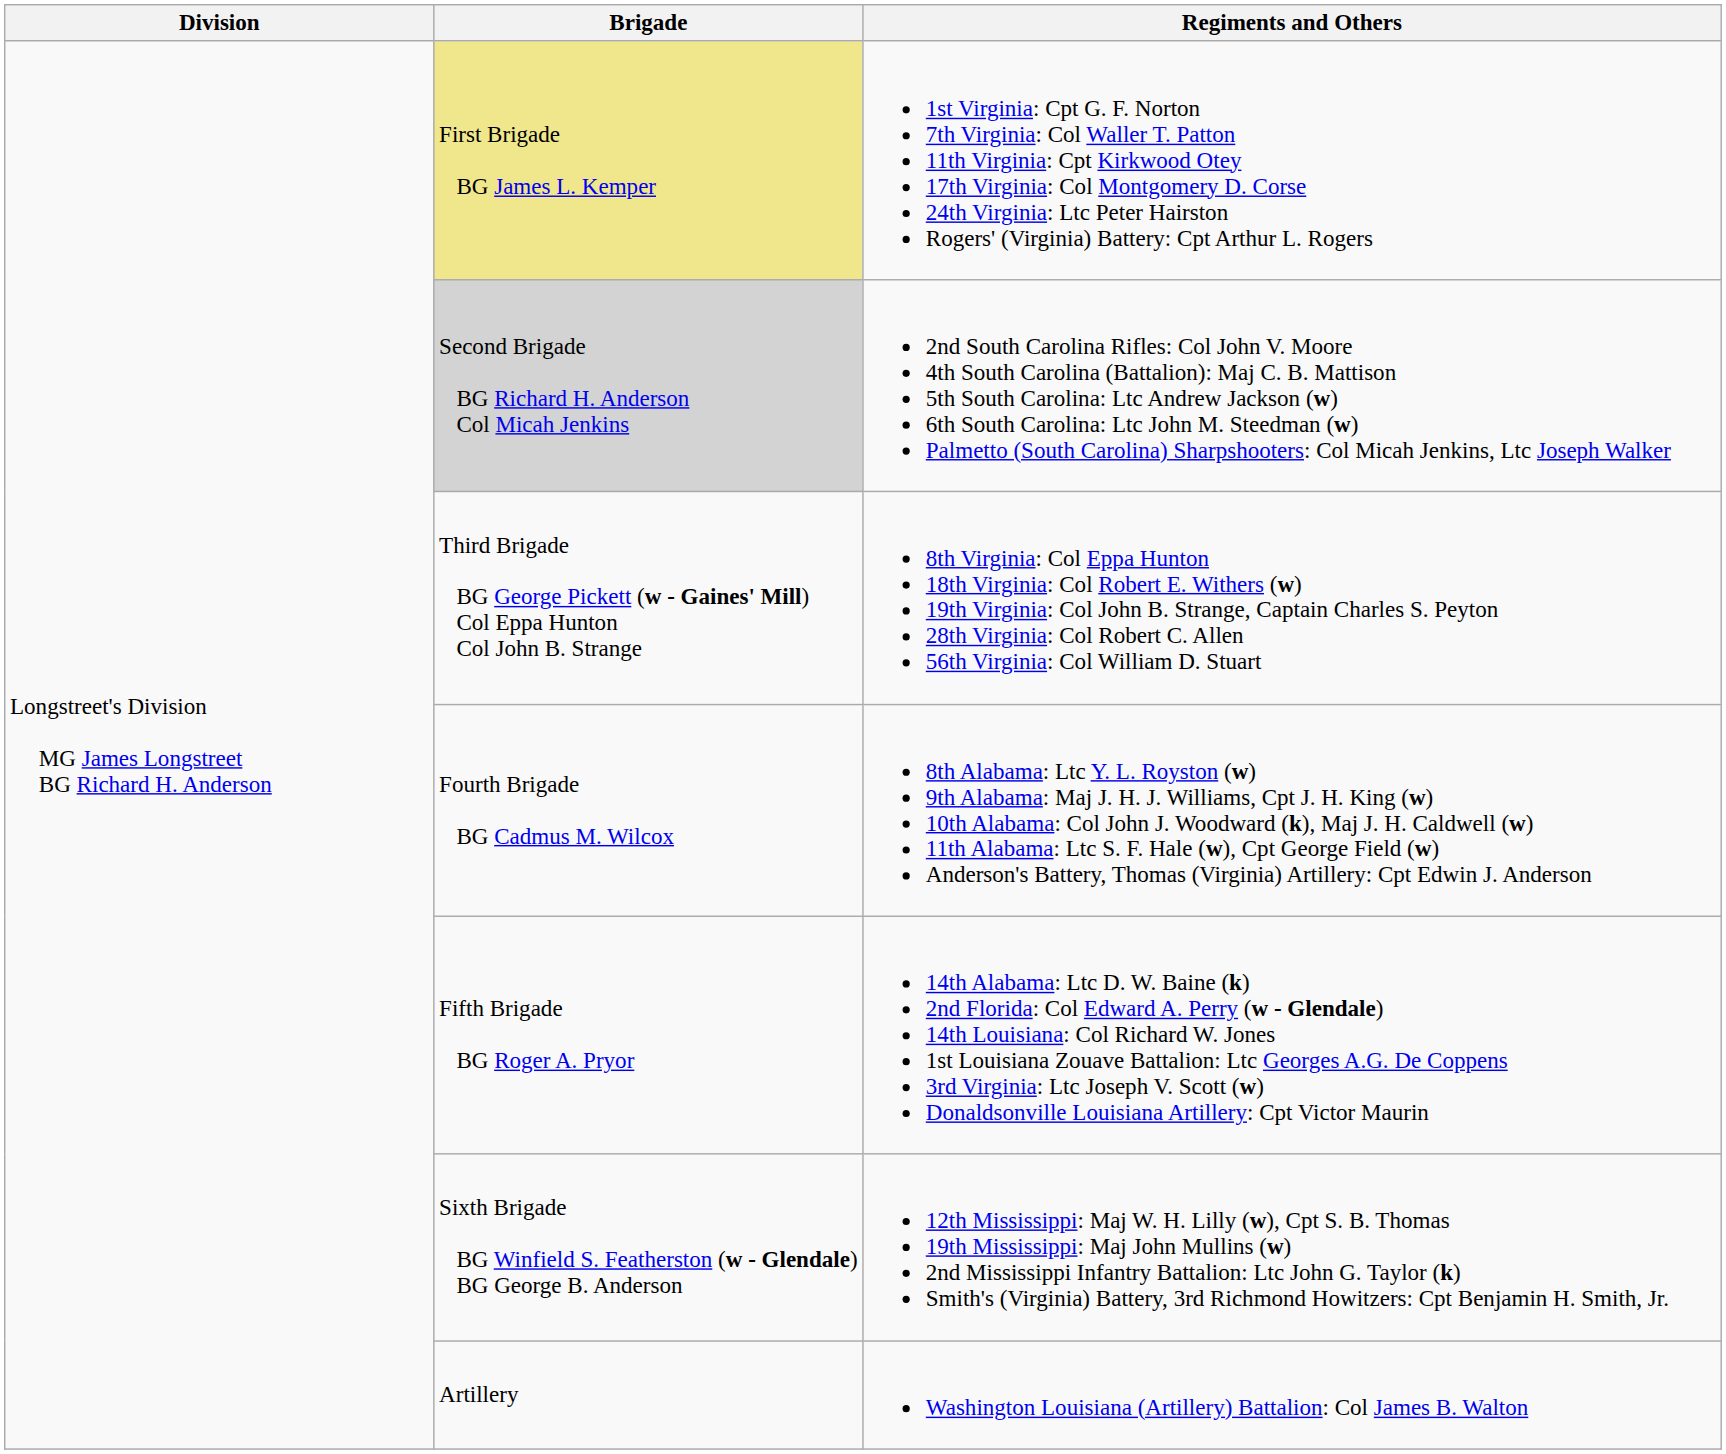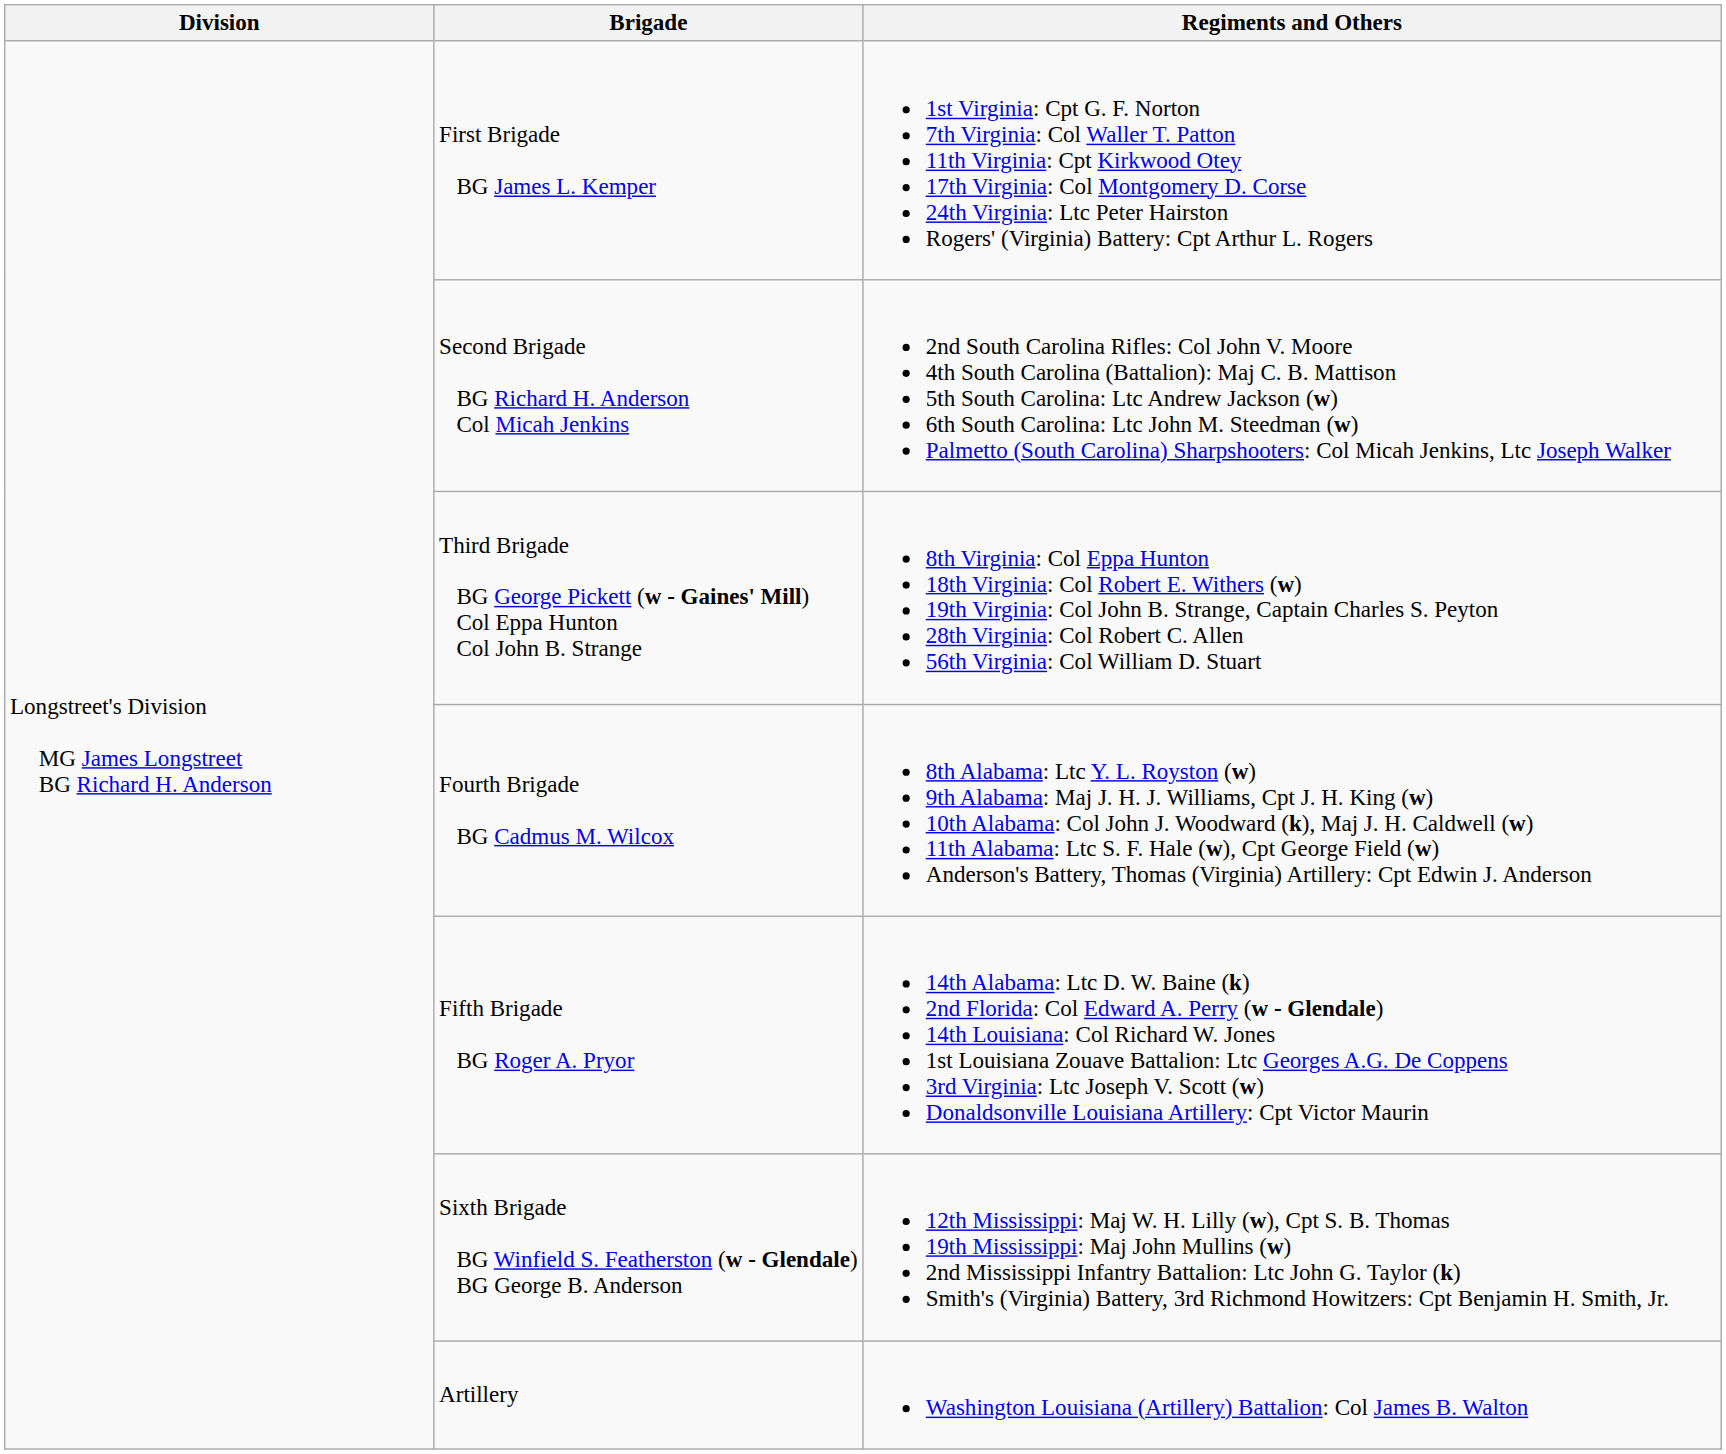 <table class="wikitable">
 <tr>
 <th width=25%>Division</th>
 <th width=25%>Brigade</th>
 <th>Regiments and Others</th>
 </tr>
 <tr>
 <td rowspan=7>Longstreet's Division<br><br>     MG <a href='#'>James Longstreet</a> <br>     BG <a href='#'>Richard H. Anderson</a></td>
-<td style="background: khaki;">First Brigade<br><br>   BG <a href='#'>James L. Kemper</a></td>
+<td>First Brigade<br><br>   BG <a href='#'>James L. Kemper</a></td>
 <td><br><ul><li><a href='#'>1st Virginia</a>: Cpt G. F. Norton</li><li><a href='#'>7th Virginia</a>: Col <a href='#'>Waller T. Patton</a></li><li><a href='#'>11th Virginia</a>: Cpt <a href='#'>Kirkwood Otey</a></li><li><a href='#'>17th Virginia</a>: Col <a href='#'>Montgomery D. Corse</a></li><li><a href='#'>24th Virginia</a>: Ltc Peter Hairston</li><li>Rogers' (Virginia) Battery: Cpt Arthur L. Rogers</li></ul></td>
 </tr>
 <tr>
-<td style="background: lightgrey;">Second Brigade<br><br>   BG <a href='#'>Richard H. Anderson</a> <br>   Col <a href='#'>Micah Jenkins</a></td>
+<td>Second Brigade<br><br>   BG <a href='#'>Richard H. Anderson</a> <br>   Col <a href='#'>Micah Jenkins</a></td>
 <td><br><ul><li>2nd South Carolina Rifles: Col John V. Moore</li><li>4th South Carolina (Battalion): Maj C. B. Mattison</li><li>5th South Carolina: Ltc Andrew Jackson (<strong>w</strong>)</li><li>6th South Carolina: Ltc John M. Steedman (<strong>w</strong>)</li><li><a href='#'>Palmetto (South Carolina) Sharpshooters</a>: Col Micah Jenkins, Ltc <a href='#'>Joseph Walker</a></li></ul></td>
 </tr>
 <tr>
 <td>Third Brigade<br><br>   BG <a href='#'>George Pickett</a> (<strong>w - Gaines' Mill</strong>) <br>   Col Eppa Hunton <br>   Col John B. Strange</td>
 <td><br><ul><li><a href='#'>8th Virginia</a>: Col <a href='#'>Eppa Hunton</a></li><li><a href='#'>18th Virginia</a>: Col <a href='#'>Robert E. Withers</a> (<strong>w</strong>)</li><li><a href='#'>19th Virginia</a>: Col John B. Strange, Captain Charles S. Peyton</li><li><a href='#'>28th Virginia</a>: Col Robert C. Allen</li><li><a href='#'>56th Virginia</a>: Col William D. Stuart</li></ul></td>
 </tr>
 <tr>
 <td>Fourth Brigade<br><br>   BG <a href='#'>Cadmus M. Wilcox</a></td>
 <td><br><ul><li><a href='#'>8th Alabama</a>: Ltc <a href='#'>Y. L. Royston</a> (<strong>w</strong>)</li><li><a href='#'>9th Alabama</a>: Maj J. H. J. Williams, Cpt J. H. King (<strong>w</strong>)</li><li><a href='#'>10th Alabama</a>: Col John J. Woodward (<strong>k</strong>), Maj J. H. Caldwell (<strong>w</strong>)</li><li><a href='#'>11th Alabama</a>: Ltc S. F. Hale (<strong>w</strong>), Cpt George Field (<strong>w</strong>)</li><li>Anderson's Battery, Thomas (Virginia) Artillery: Cpt Edwin J. Anderson</li></ul></td>
 </tr>
 <tr>
 <td>Fifth Brigade<br><br>   BG <a href='#'>Roger A. Pryor</a></td>
 <td><br><ul><li><a href='#'>14th Alabama</a>: Ltc D. W. Baine (<strong>k</strong>)</li><li><a href='#'>2nd Florida</a>: Col <a href='#'>Edward A. Perry</a> (<strong>w - Glendale</strong>)</li><li><a href='#'>14th Louisiana</a>: Col Richard W. Jones</li><li>1st Louisiana Zouave Battalion: Ltc <a href='#'>Georges A.G. De Coppens</a></li><li><a href='#'>3rd Virginia</a>: Ltc Joseph V. Scott (<strong>w</strong>)</li><li><a href='#'>Donaldsonville Louisiana Artillery</a>: Cpt Victor Maurin</li></ul></td>
 </tr>
 <tr>
 <td>Sixth Brigade<br><br>   BG <a href='#'>Winfield S. Featherston</a> (<strong>w - Glendale</strong>) <br>   BG George B. Anderson</td>
 <td><br><ul><li><a href='#'>12th Mississippi</a>: Maj W. H. Lilly (<strong>w</strong>), Cpt S. B. Thomas</li><li><a href='#'>19th Mississippi</a>: Maj John Mullins (<strong>w</strong>)</li><li>2nd Mississippi Infantry Battalion: Ltc John G. Taylor (<strong>k</strong>)</li><li>Smith's (Virginia) Battery, 3rd Richmond Howitzers: Cpt Benjamin H. Smith, Jr.</li></ul></td>
 </tr>
 <tr>
 <td>Artillery</td>
 <td><br><ul><li><a href='#'>Washington Louisiana (Artillery) Battalion</a>: Col <a href='#'>James B. Walton</a></li></ul></td>
 </tr>
 </table>
